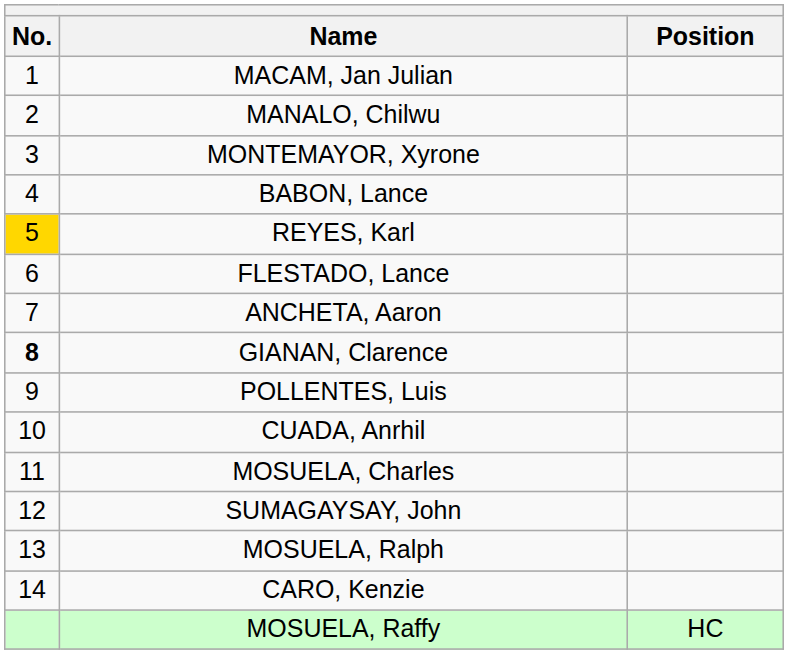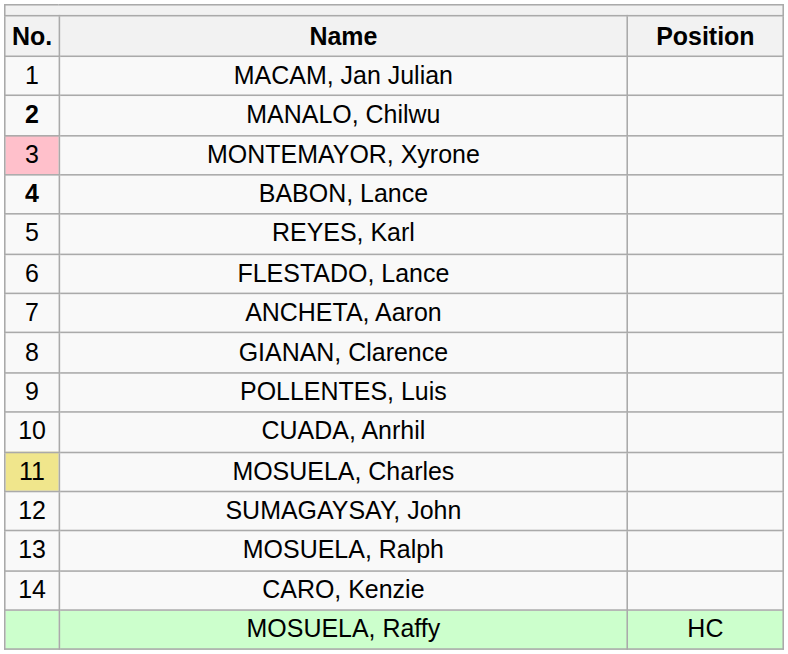 <table class="wikitable mw-collapsible mw-collapsed" style="text-align:center; width:500px; border:none">
 <tr>
 <th style="text-align:center" colspan="3"></th>
 </tr>
 <tr>
 <th style="width:7%">No.</th>
 <th>Name</th>
 <th style="width:20%">Position</th>
 </tr>
 <tr>
 <td>1</td>
 <td>MACAM, Jan Julian</td>
 <td></td>
 </tr>
 <tr>
-<td>2</td>
+<td><strong>2</strong></td>
 <td>MANALO, Chilwu</td>
 <td></td>
 </tr>
 <tr>
-<td>3</td>
+<td style="background: pink;">3</td>
 <td>MONTEMAYOR, Xyrone</td>
 <td></td>
 </tr>
 <tr>
-<td>4</td>
+<td><strong>4</strong></td>
 <td>BABON, Lance</td>
 <td></td>
 </tr>
 <tr>
-<td style="background: gold;">5</td>
+<td>5</td>
 <td>REYES, Karl</td>
 <td></td>
 </tr>
 <tr>
 <td>6</td>
 <td>FLESTADO, Lance</td>
 <td></td>
 </tr>
 <tr>
 <td>7</td>
 <td>ANCHETA, Aaron</td>
 <td></td>
 </tr>
 <tr>
-<td><strong>8</strong></td>
+<td>8</td>
 <td>GIANAN, Clarence</td>
 <td></td>
 </tr>
 <tr>
 <td>9</td>
 <td>POLLENTES, Luis</td>
 <td></td>
 </tr>
 <tr>
 <td>10</td>
 <td>CUADA, Anrhil</td>
 <td></td>
 </tr>
 <tr>
-<td>11</td>
+<td style="background: khaki;">11</td>
 <td>MOSUELA, Charles</td>
 <td></td>
 </tr>
 <tr>
 <td>12</td>
 <td>SUMAGAYSAY, John</td>
 <td></td>
 </tr>
 <tr>
 <td>13</td>
 <td>MOSUELA, Ralph</td>
 <td></td>
 </tr>
 <tr>
 <td>14</td>
 <td>CARO, Kenzie</td>
 <td></td>
 </tr>
 <tr bgcolor=#CCFFCC>
 <td></td>
 <td>MOSUELA, Raffy</td>
 <td>HC</td>
 </tr>
 </table>
